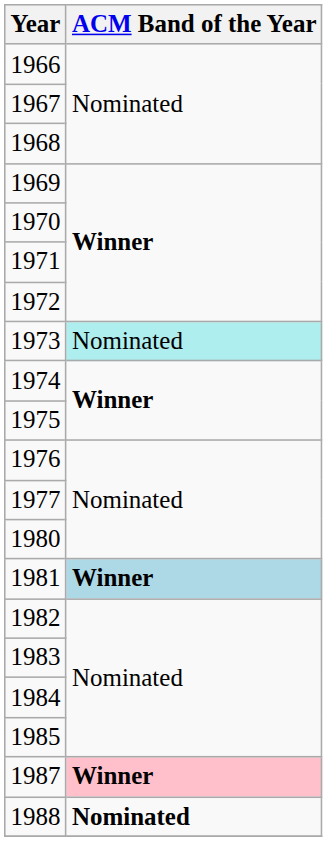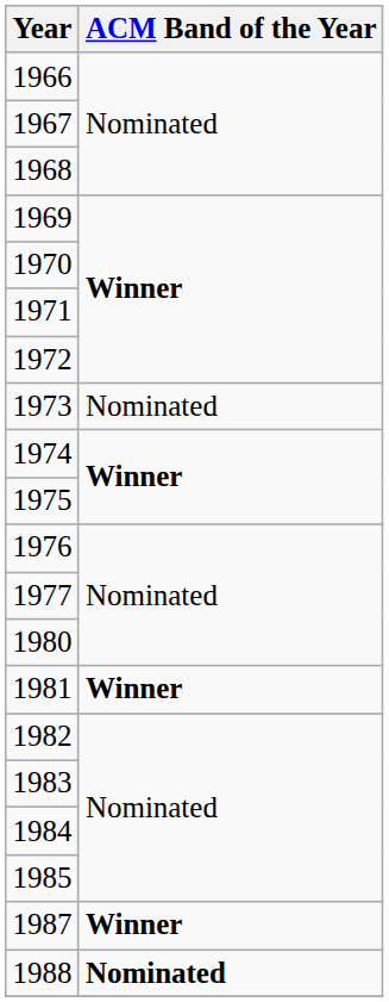 <table class="wikitable">
 <tr>
 <th>Year</th>
 <th><a href='#'>ACM</a> Band of the Year</th>
 </tr>
 <tr>
 <td>1966</td>
 <td rowspan="3">Nominated</td>
 </tr>
 <tr>
 <td>1967</td>
 </tr>
 <tr>
 <td>1968</td>
 </tr>
 <tr>
 <td>1969</td>
 <td rowspan="4"><strong>Winner</strong></td>
 </tr>
 <tr>
 <td>1970</td>
 </tr>
 <tr>
 <td>1971</td>
 </tr>
 <tr>
 <td>1972</td>
 </tr>
 <tr>
 <td>1973</td>
-<td style="background: paleturquoise;">Nominated</td>
+<td>Nominated</td>
 </tr>
 <tr>
 <td>1974</td>
 <td rowspan="2"><strong>Winner</strong></td>
 </tr>
 <tr>
 <td>1975</td>
 </tr>
 <tr>
 <td>1976</td>
 <td rowspan="3">Nominated</td>
 </tr>
 <tr>
 <td>1977</td>
 </tr>
 <tr>
 <td>1980</td>
 </tr>
 <tr>
 <td>1981</td>
-<td style="background: lightblue;"><strong>Winner</strong></td>
+<td><strong>Winner</strong></td>
 </tr>
 <tr>
 <td>1982</td>
 <td rowspan="4">Nominated</td>
 </tr>
 <tr>
 <td>1983</td>
 </tr>
 <tr>
 <td>1984</td>
 </tr>
 <tr>
 <td>1985</td>
 </tr>
 <tr>
 <td>1987</td>
-<td style="background: pink;"><strong>Winner</strong></td>
+<td><strong>Winner</strong></td>
 </tr>
 <tr>
 <td>1988</td>
 <td><strong>Nominated</strong></td>
 </tr>
 <tr>
 </tr>
 </table>
